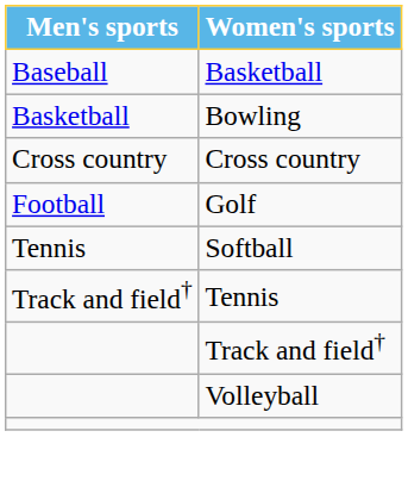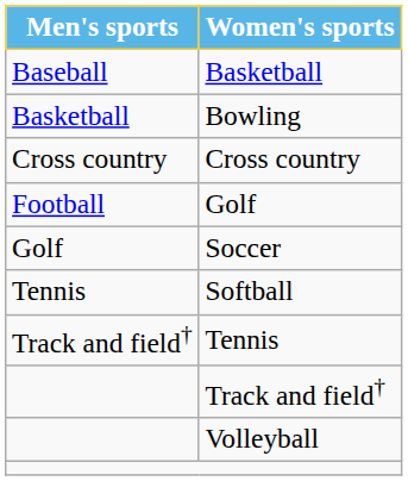 <table class="wikitable" style= " ">
 <tr>
 <th style= "background:#58B6E7; color:white; border:1px solid #FFCE34">Men's sports</th>
 <th style= "background:#58B6E7; color:white; border:1px solid #FFCE34">Women's sports</th>
 </tr>
 <tr>
 <td><a href='#'>Baseball</a></td>
 <td><a href='#'>Basketball</a></td>
 </tr>
 <tr>
 <td><a href='#'>Basketball</a></td>
 <td>Bowling</td>
 </tr>
 <tr>
 <td>Cross country</td>
 <td>Cross country</td>
 </tr>
 <tr>
 <td><a href='#'>Football</a></td>
 <td>Golf</td>
 </tr>
 <tr>
+<td>Golf</td>
+<td>Soccer</td>
+</tr>
+<tr>
 <td>Tennis</td>
 <td>Softball</td>
 </tr>
 <tr>
 <td>Track and field<sup>†</sup></td>
 <td>Tennis</td>
 </tr>
 <tr>
 <td></td>
 <td>Track and field<sup>†</sup></td>
 </tr>
 <tr>
 <td></td>
 <td>Volleyball</td>
 </tr>
 <tr>
 <td colspan="2"></td>
 </tr>
 </table>
